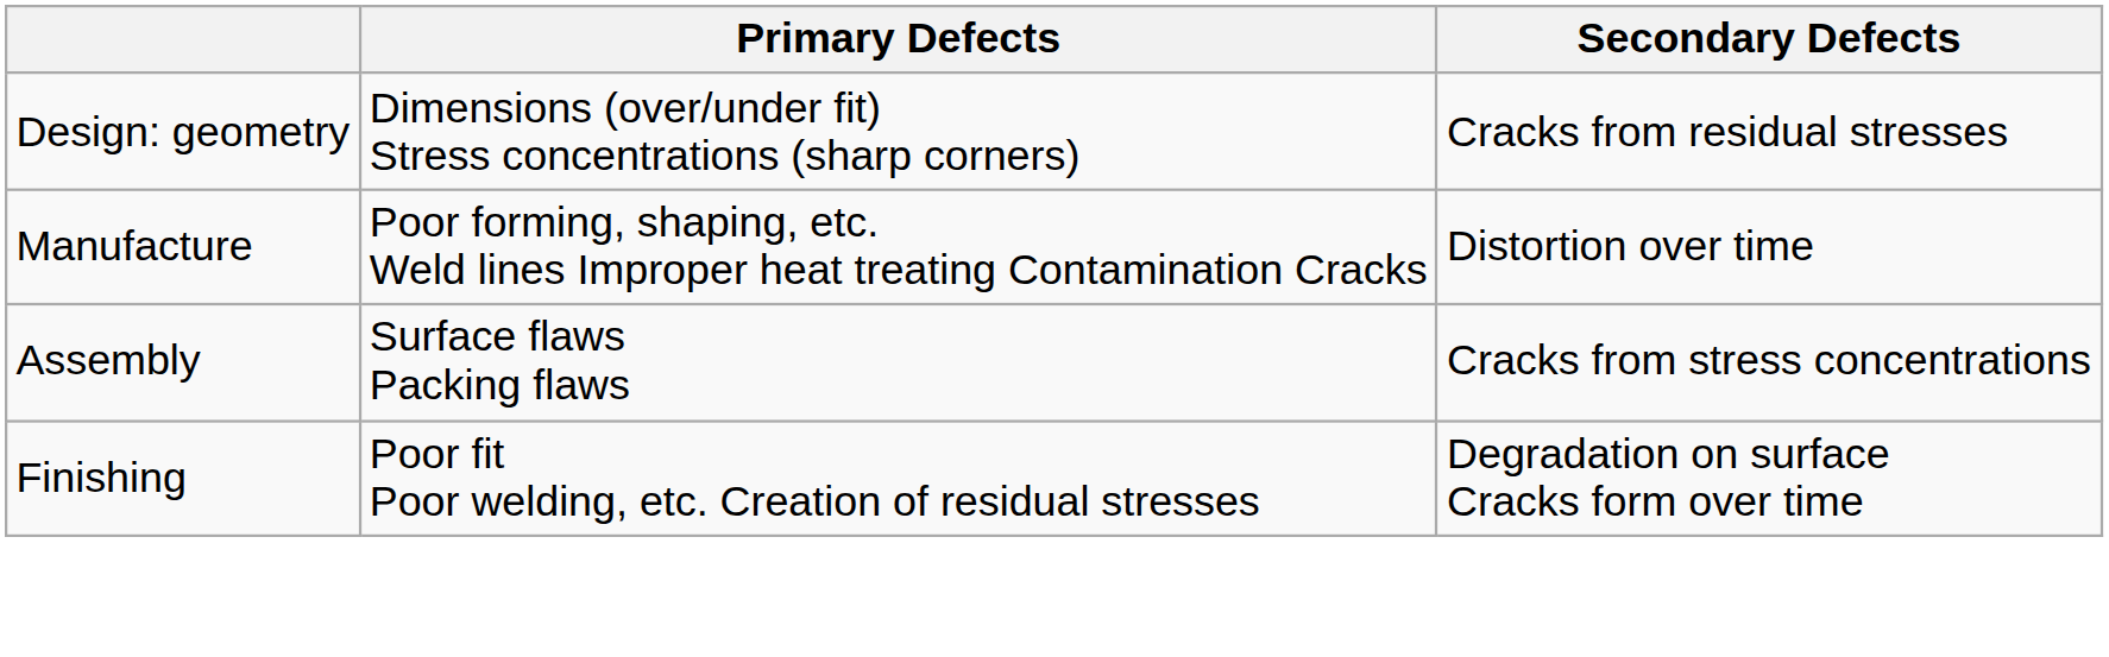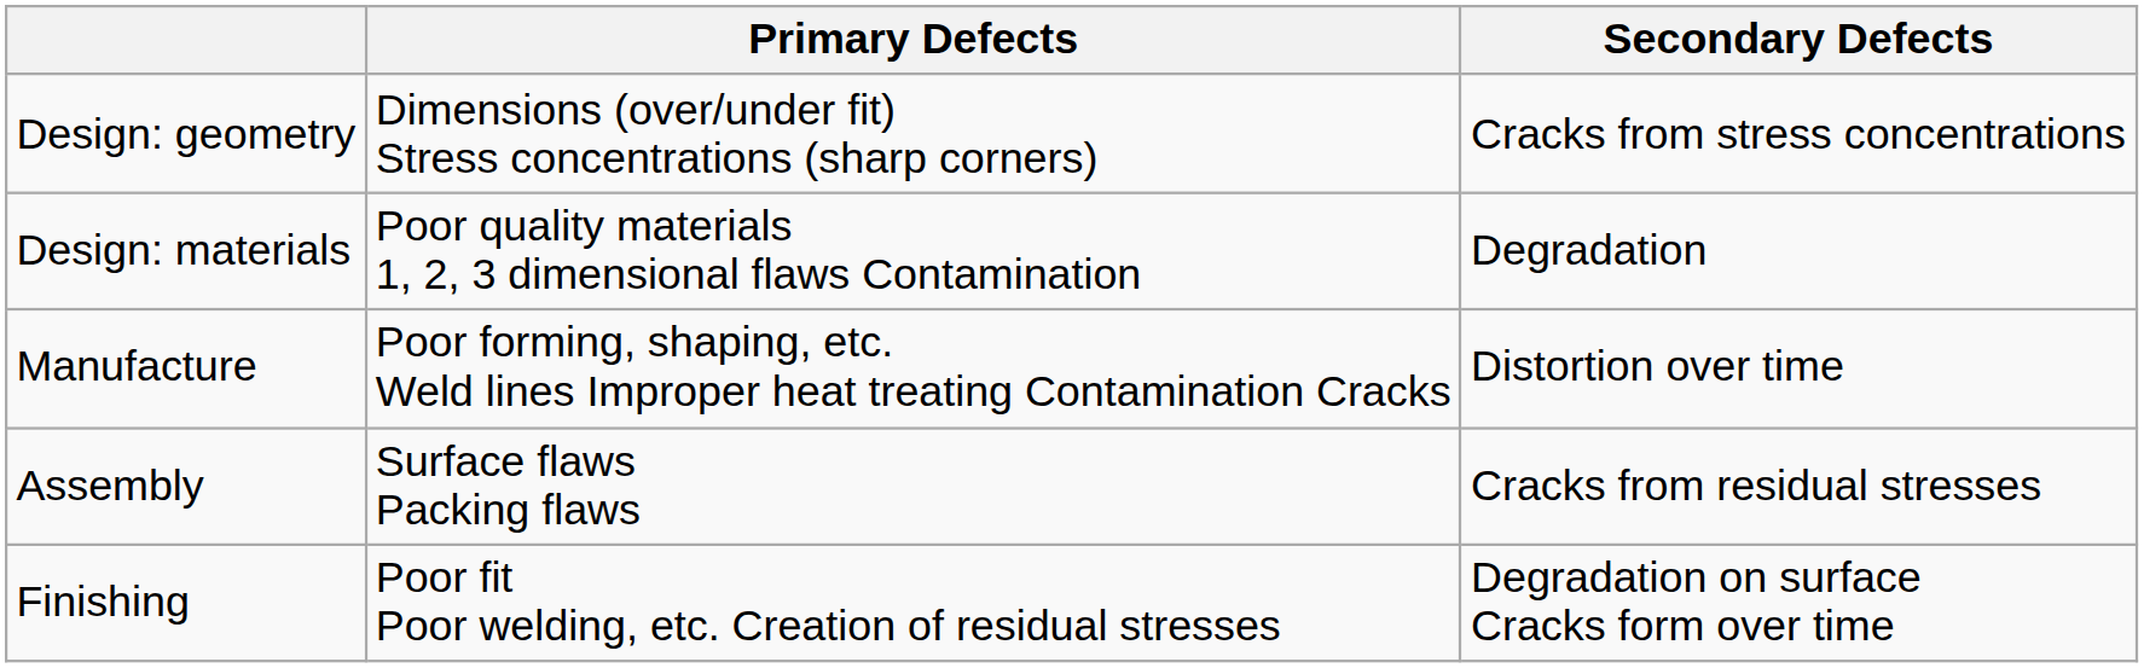 <table class="wikitable">
 <tr>
 <th></th>
 <th>Primary Defects</th>
 <th>Secondary Defects</th>
 </tr>
 <tr>
 <td>Design: geometry</td>
 <td>Dimensions (over/under fit)<br>Stress concentrations (sharp corners)</td>
-<td>Cracks from residual stresses</td>
+<td>Cracks from stress concentrations</td>
+</tr>
+<tr>
+<td>Design: materials</td>
+<td>Poor quality materials<br>1, 2, 3 dimensional flaws Contamination</td>
+<td>Degradation</td>
 </tr>
 <tr>
 <td>Manufacture</td>
 <td>Poor forming, shaping, etc.<br>Weld lines Improper heat treating Contamination Cracks</td>
 <td>Distortion over time</td>
 </tr>
 <tr>
 <td>Assembly</td>
 <td>Surface flaws<br>Packing flaws</td>
-<td>Cracks from stress concentrations</td>
+<td>Cracks from residual stresses</td>
 </tr>
 <tr>
 <td>Finishing</td>
 <td>Poor fit<br>Poor welding, etc. Creation of residual stresses</td>
 <td>Degradation on surface<br>Cracks form over time</td>
 </tr>
 </table>
